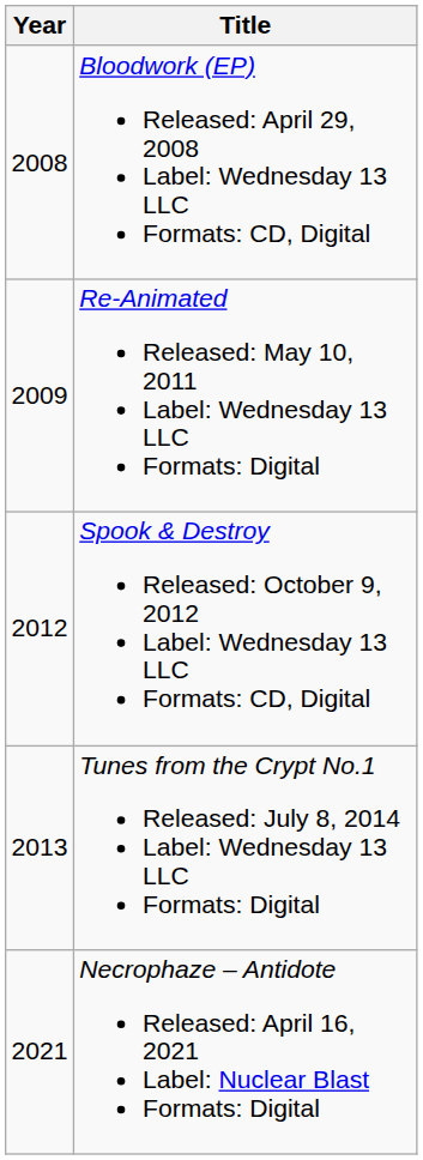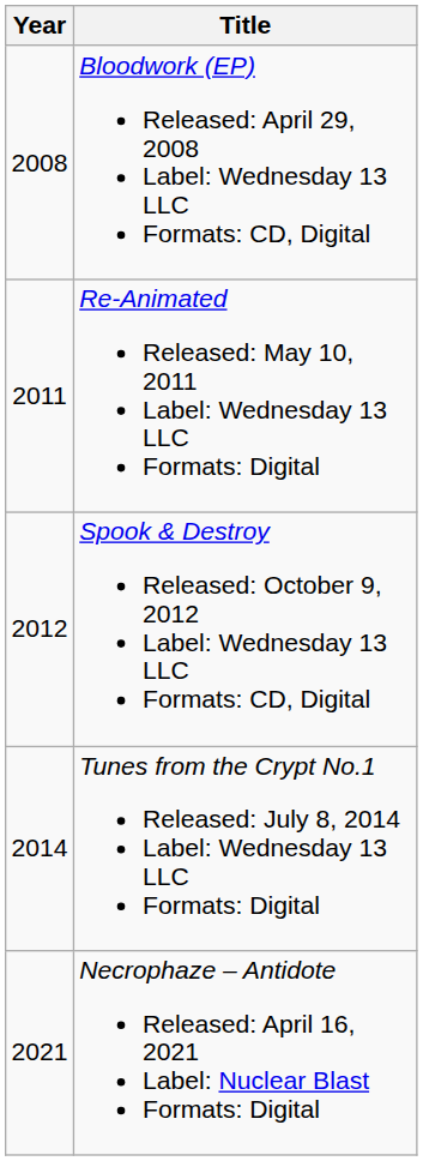 <table class="wikitable" style="text-align:center;">
 <tr>
 <th width="25">Year</th>
 <th width="210">Title</th>
 </tr>
 <tr>
 <td align="center">2008</td>
 <td align="left"><em><a href='#'>Bloodwork (EP)</a></em><br><ul><li>Released: April 29, 2008</li><li>Label: Wednesday 13 LLC</li><li>Formats: CD, Digital</li></ul></td>
 </tr>
 <tr>
-<td align="center">2009</td>
+<td align="center">2011</td>
 <td align="left"><em><a href='#'>Re-Animated</a></em><br><ul><li>Released: May 10, 2011</li><li>Label: Wednesday 13 LLC</li><li>Formats: Digital</li></ul></td>
 </tr>
 <tr>
 <td align="center">2012</td>
 <td align="left"><em><a href='#'>Spook & Destroy</a></em><br><ul><li>Released: October 9, 2012</li><li>Label: Wednesday 13 LLC</li><li>Formats: CD, Digital</li></ul></td>
 </tr>
 <tr>
-<td align="center">2013</td>
+<td align="center">2014</td>
 <td align="left"><em>Tunes from the Crypt No.1</em><br><ul><li>Released: July 8, 2014</li><li>Label: Wednesday 13 LLC</li><li>Formats: Digital</li></ul></td>
 </tr>
 <tr>
 <td align="center">2021</td>
 <td align="left"><em>Necrophaze – Antidote</em><br><ul><li>Released: April 16, 2021</li><li>Label: <a href='#'>Nuclear Blast</a></li><li>Formats: Digital</li></ul></td>
 </tr>
 </table>
